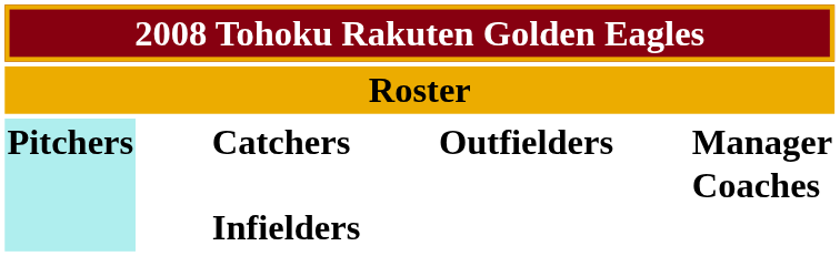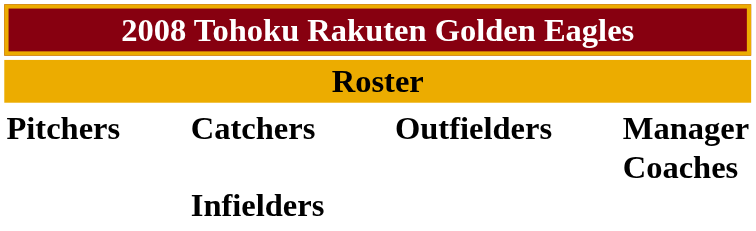 <table class="toccolours" style="font-size: 95%;">
 <tr>
 <th colspan="10" style="background:#870010; color:#FFFFFF; text-align:center; border:2px solid #ecac00">2008 Tohoku Rakuten Golden Eagles</th>
 </tr>
 <tr>
 <td colspan="10" style="background:#ecac00; color:#000000; text-align:center;"><strong>Roster</strong></td>
 </tr>
 <tr>
-<td valign="top" style="background: paleturquoise;"><strong>Pitchers</strong><br>                     </td>
+<td valign="top"><strong>Pitchers</strong><br>                     </td>
 <td style="width:25px;"></td>
 <td valign="top"><strong>Catchers</strong><br>     <br><strong>Infielders</strong>              </td>
 <td style="width:25px;"></td>
 <td valign="top"><strong>Outfielders</strong><br>          </td>
 <td style="width:25px;"></td>
 <td valign="top"><strong>Manager</strong><br> <strong>Coaches</strong>                  </td>
 </tr>
 </table>
